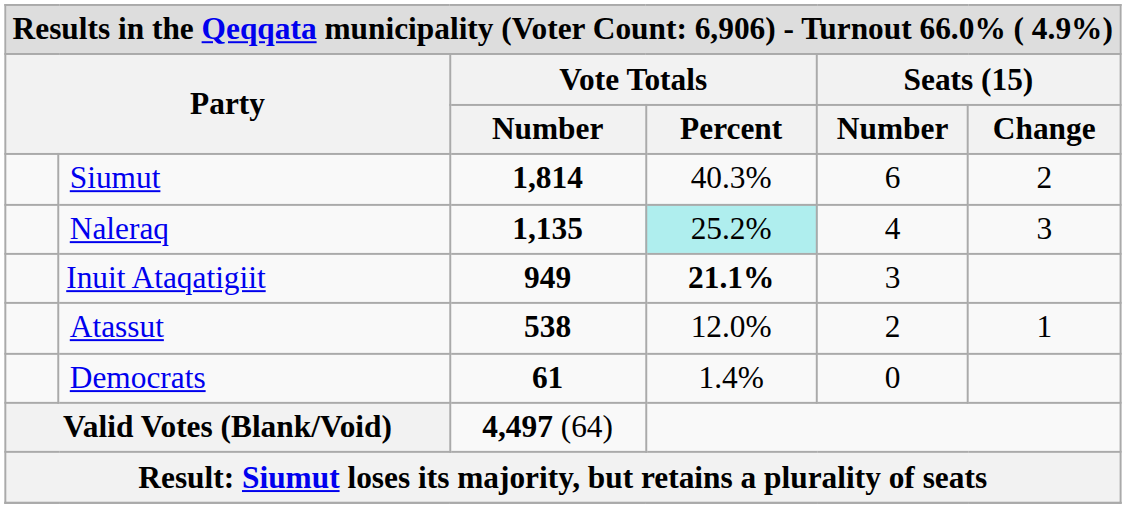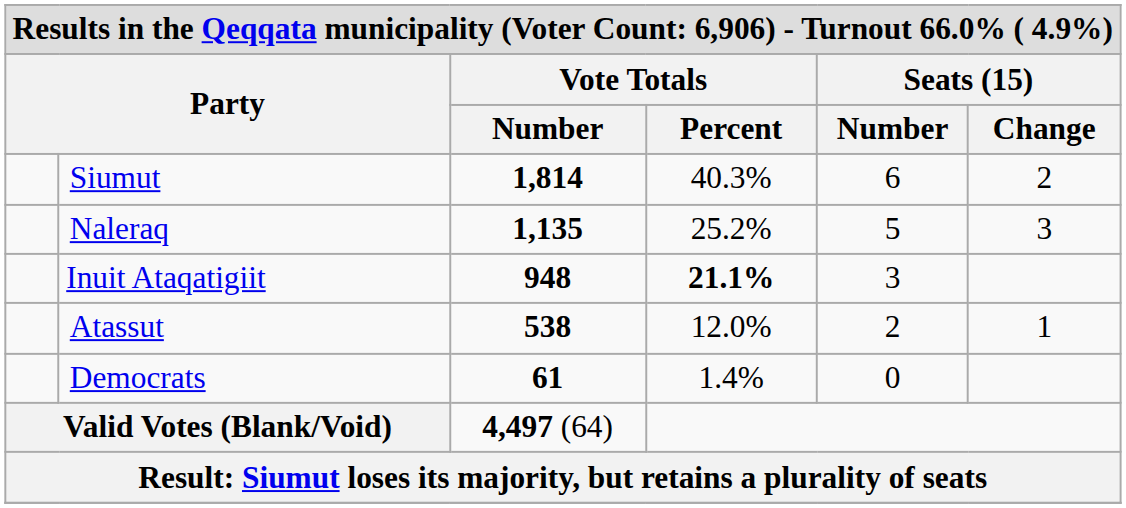 <table class="wikitable" style="margin-left:1em;">
 <tr>
 <th colspan="6" style="background:#dddddd; text-align:center;"><strong>Results in the <a href='#'>Qeqqata</a> municipality</strong> (Voter Count: 6,906) - Turnout 66.0% ( 4.9%)</th>
 </tr>
 <tr>
 <th colspan="2" rowspan="2">Party</th>
 <th colspan="2">Vote Totals</th>
 <th colspan="2">Seats (15)</th>
 </tr>
 <tr>
 <th>Number</th>
 <th style="width:80px;">Percent</th>
 <th style="width:70px;">Number</th>
 <th style="width:70px;">Change</th>
 </tr>
 <tr>
 <td style="background:"></td>
 <td style="padding-left:5px;"><a href='#'>Siumut</a></td>
 <td style="text-align:center;"><strong>1,814</strong></td>
 <td style="text-align:center;">40.3%</td>
 <td style="text-align:center;">6</td>
 <td style="text-align:center;"> 2</td>
 </tr>
 <tr>
 <td style="background:"></td>
 <td style="padding-left:5px;"><a href='#'>Naleraq</a></td>
 <td style="text-align:center;"><strong>1,135</strong></td>
-<td style="background: paleturquoise; text-align:center;">25.2%</td>
-<td style="text-align:center;">4</td>
+<td style="text-align:center;">25.2%</td>
+<td style="text-align:center;">5</td>
 <td style="text-align:center;"> 3</td>
 </tr>
 <tr>
 <td style="width:20px; background:"></td>
 <td style="width:200px padding-left:5px;"><a href='#'>Inuit Ataqatigiit</a></td>
-<td style="text-align:center;"><strong>949</strong></td>
+<td style="text-align:center;"><strong>948</strong></td>
 <td style="text-align:center;"><strong>21.1%</strong></td>
 <td style="text-align:center;">3</td>
 <td style="text-align:center;"></td>
 </tr>
 <tr>
 <td style="background:"></td>
 <td style="padding-left:5px;"><a href='#'>Atassut</a></td>
 <td style="text-align:center;"><strong>538</strong></td>
 <td style="text-align:center;">12.0%</td>
 <td style="text-align:center;">2</td>
 <td style="text-align:center;"> 1</td>
 </tr>
 <tr>
 <td style="background:"></td>
 <td style="padding-left:5px;"><a href='#'>Democrats</a></td>
 <td style="text-align:center;"><strong>61</strong></td>
 <td style="text-align:center;">1.4%</td>
 <td style="text-align:center;">0</td>
 <td style="text-align:center;"></td>
 </tr>
 <tr>
 <th colspan="2" rowspan="1"><strong>Valid Votes</strong> (Blank/Void)</th>
 <td style="text-align:center;"><strong>4,497</strong> (64)</td>
 <td colspan="4"></td>
 </tr>
 <tr>
 <th colspan="6">Result: <a href='#'>Siumut</a> loses its majority, but retains a plurality of seats</th>
 </tr>
 <tr>
 </tr>
 </table>
